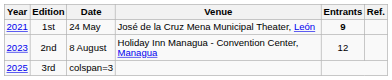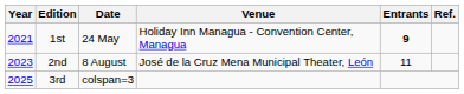 <table class="wikitable" style="font-size:95%;">
 <tr>
 <th>Year</th>
 <th>Edition</th>
 <th>Date</th>
 <th width=320px>Venue</th>
 <th>Entrants</th>
 <th>Ref.</th>
 </tr>
 <tr>
 <td><a href='#'>2021</a></td>
 <td align=center>1st</td>
 <td>24 May</td>
-<td>José de la Cruz Mena Municipal Theater, <a href='#'>León</a></td>
+<td>Holiday Inn Managua - Convention Center, <a href='#'>Managua</a></td>
 <td align=center><strong>9</strong></td>
 <td align=center></td>
 </tr>
 <tr>
 <td><a href='#'>2023</a></td>
 <td align=center>2nd</td>
 <td>8 August</td>
-<td>Holiday Inn Managua - Convention Center, <a href='#'>Managua</a></td>
-<td align=center>12</td>
+<td>José de la Cruz Mena Municipal Theater, <a href='#'>León</a></td>
+<td align=center>11</td>
 <td align=center></td>
 </tr>
 <tr>
 <td><a href='#'>2025</a></td>
 <td align=center>3rd</td>
 <td>colspan=3 </td>
 <td align=center></td>
 </tr>
 </table>
